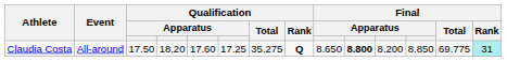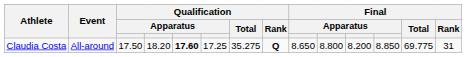 <table class="wikitable" style="font-size:90%">
 <tr>
 <th rowspan="3">Athlete</th>
 <th rowspan="3">Event</th>
 <th colspan =6>Qualification</th>
 <th colspan =6>Final</th>
 </tr>
 <tr style="font-size:95%">
 <th colspan=4>Apparatus</th>
 <th rowspan=2>Total</th>
 <th rowspan=2>Rank</th>
 <th colspan=4>Apparatus</th>
 <th rowspan=2>Total</th>
 <th rowspan=2>Rank</th>
 </tr>
 <tr style="font-size:95%">
 <th></th>
 <th></th>
 <th></th>
 <th></th>
 <th></th>
 <th></th>
 <th></th>
 <th></th>
 </tr>
 <tr align=center>
 <td align=left><a href='#'>Claudia Costa</a></td>
 <td align=left><a href='#'>All-around</a></td>
 <td>17.50</td>
 <td>18.20</td>
-<td>17.60</td>
+<td><strong>17.60</strong></td>
 <td>17.25</td>
 <td>35.275</td>
 <td><strong>Q</strong></td>
 <td>8.650</td>
-<td><strong>8.800</strong></td>
+<td>8.800</td>
 <td>8.200</td>
 <td>8.850</td>
 <td>69.775</td>
-<td style="background: paleturquoise;">31</td>
+<td>31</td>
 </tr>
 </table>
